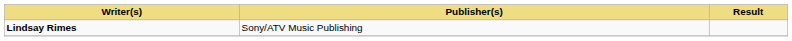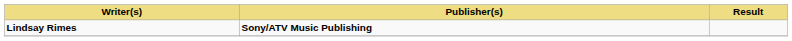 <table class="wikitable" width=100%>
 <tr>
 <th style="width:30%;background:#EEDD82;">Writer(s)</th>
 <th style="width:60%;background:#EEDD82;">Publisher(s)</th>
 <th style="width:10%;background:#EEDD82;">Result</th>
 </tr>
 <tr>
 <td><strong>Lindsay Rimes</strong></td>
-<td>Sony/ATV Music Publishing</td>
+<td><strong>Sony/ATV Music Publishing</strong></td>
 <td></td>
 </tr>
 <tr>
 </tr>
 </table>
